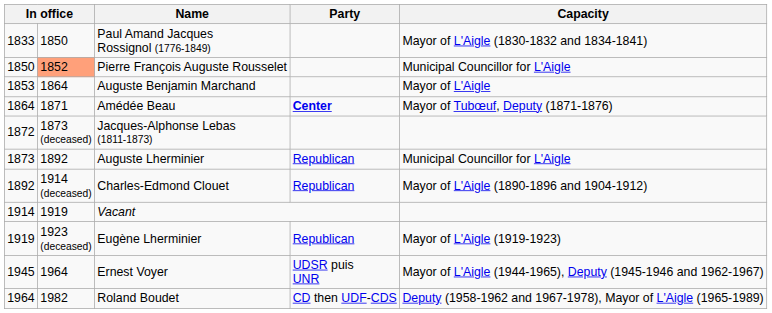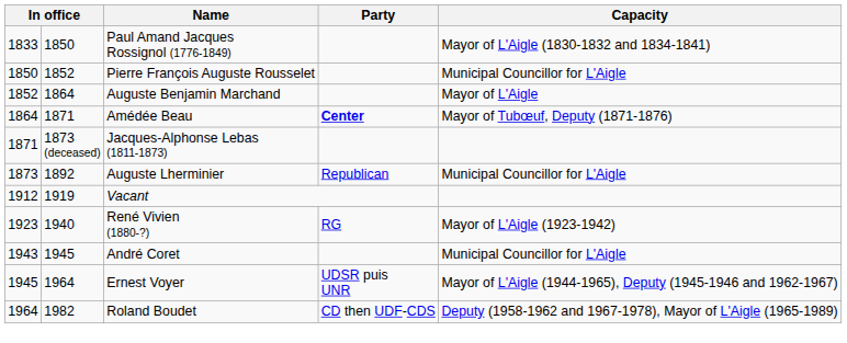 <table class="wikitable">
 <tr>
 <th colspan="2">In office</th>
 <th>Name</th>
 <th>Party</th>
 <th>Capacity</th>
 </tr>
 <tr>
 <td>1833</td>
 <td>1850</td>
 <td>Paul Amand Jacques<br>Rossignol <small>(1776-1849)</small></td>
 <td></td>
 <td>Mayor of <a href='#'>L'Aigle</a> (1830-1832 and 1834-1841)</td>
 </tr>
 <tr>
 <td>1850</td>
-<td style="background: lightsalmon;">1852</td>
+<td>1852</td>
 <td>Pierre François Auguste Rousselet</td>
 <td></td>
 <td>Municipal Councillor for <a href='#'>L'Aigle</a></td>
 </tr>
 <tr>
-<td>1853</td>
+<td>1852</td>
 <td>1864</td>
 <td>Auguste Benjamin Marchand</td>
 <td></td>
 <td>Mayor of <a href='#'>L'Aigle</a></td>
 </tr>
 <tr>
 <td>1864</td>
 <td>1871</td>
 <td>Amédée Beau</td>
 <td><strong><a href='#'>Center</a></strong></td>
 <td>Mayor of <a href='#'>Tubœuf</a>, <a href='#'>Deputy</a> (1871-1876)</td>
 </tr>
 <tr>
-<td>1872</td>
+<td>1871</td>
 <td>1873<br><small>(deceas</small><span></span><small>ed)</small></td>
 <td><span></span>Jacques-Alphonse Lebas<br><small>(1811-1873)</small></td>
 <td></td>
 <td></td>
 </tr>
 <tr>
 <td>1873<span></span></td>
 <td>1892</td>
 <td>Auguste Lherminier</td>
 <td><a href='#'>Republican</a></td>
 <td>Municipal Councillor for <a href='#'>L'Aigle</a></td>
 </tr>
 <tr>
-<td>1892</td>
-<td>1914<br><small>(deceased)</small></td>
-<td>Charles-Edmond Clouet</td>
-<td><a href='#'>Republican</a></td>
-<td>Mayor of <a href='#'>L'Aigle</a> (1890-1896 and 1904-1912)</td>
-</tr>
-<tr>
-<td>1914</td>
+<td>1912</td>
 <td>1919</td>
 <td colspan="2"><em>Vacant</em></td>
 <td></td>
 </tr>
 <tr>
-<td>1919</td>
-<td>1923<br><small>(deceas</small><span></span><small>ed)</small></td>
-<td><span></span>Eugène Lherminier</td>
-<td><a href='#'>Republican</a></td>
-<td>Mayor of <a href='#'>L'Aigle</a> (1919-1923)</td>
+<td>1923<span></span></td>
+<td>1940</td>
+<td>René Vivien<br><small>(1880-?)</small></td>
+<td><a href='#'>RG</a></td>
+<td>Mayor of <a href='#'>L'Aigle</a> (1923-1942)</td>
+</tr>
+<tr>
+<td>1943</td>
+<td>1945</td>
+<td>André Coret</td>
+<td></td>
+<td>Municipal Councillor for <a href='#'>L'Aigle</a></td>
 </tr>
 <tr>
 <td>1<span></span>945</td>
 <td>1964</td>
 <td>Ernest Voyer</td>
 <td><span></span><a href='#'>UDSR</a> puis<br><a href='#'>UNR</a></td>
 <td>Mayor of <a href='#'>L'Aigle</a> (1944-1965), <a href='#'>Deputy</a> (1945-1946 and 1962-1967)</td>
 </tr>
 <tr>
 <td>1964</td>
 <td>1982</td>
 <td>Roland Boudet</td>
 <td><a href='#'>CD</a> then <a href='#'>UDF</a>-<a href='#'>CDS</a></td>
 <td><a href='#'>Deputy</a> (1958-1962 and 1967-1978), Mayor of <a href='#'>L'Aigle</a> (1965-1989)</td>
 </tr>
 </table>
